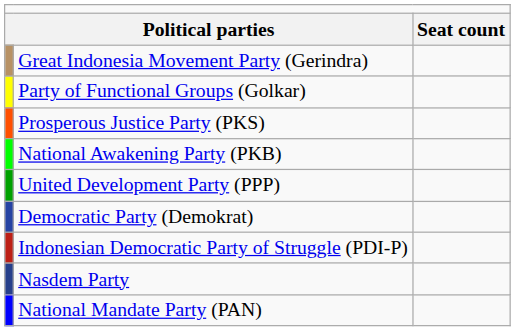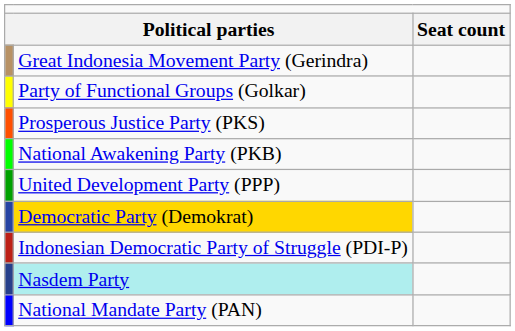 <table class="wikitable">
 <tr>
 <td colspan="4"></td>
 </tr>
 <tr>
 <th colspan="2">Political parties</th>
 <th>Seat count</th>
 </tr>
 <tr>
 <td bgcolor=#B79164></td>
 <td><a href='#'>Great Indonesia Movement Party</a> (Gerindra)</td>
 <td></td>
 </tr>
 <tr>
 <td bgcolor=#FFFF00></td>
 <td><a href='#'>Party of Functional Groups</a> (Golkar)</td>
 <td></td>
 </tr>
 <tr>
 <td bgcolor=#FF4F00></td>
 <td><a href='#'>Prosperous Justice Party</a> (PKS)</td>
 <td></td>
 </tr>
 <tr>
 <td bgcolor=#00FF00></td>
 <td><a href='#'>National Awakening Party</a> (PKB)</td>
 <td></td>
 </tr>
 <tr>
 <td bgcolor=#00A100></td>
 <td><a href='#'>United Development Party</a> (PPP)</td>
 <td></td>
 </tr>
 <tr>
 <td bgcolor=#2643A3></td>
-<td><a href='#'>Democratic Party</a> (Demokrat)</td>
+<td style="background: gold;"><a href='#'>Democratic Party</a> (Demokrat)</td>
 <td></td>
 </tr>
 <tr>
 <td bgcolor=#BD2016></td>
 <td><a href='#'>Indonesian Democratic Party of Struggle</a> (PDI-P)</td>
 <td></td>
 </tr>
 <tr>
 <td bgcolor=#27408B></td>
-<td><a href='#'>Nasdem Party</a></td>
+<td style="background: paleturquoise;"><a href='#'>Nasdem Party</a></td>
 <td></td>
 </tr>
 <tr>
 <td bgcolor=#0000FF></td>
 <td><a href='#'>National Mandate Party</a> (PAN)</td>
 <td></td>
 </tr>
 </table>
